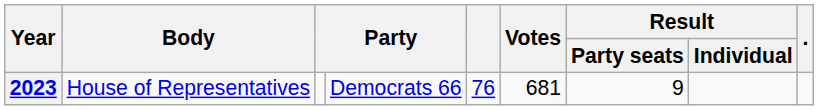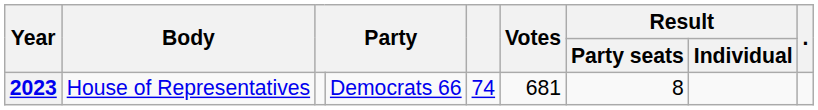 <table class="wikitable plainrowheaders sortable" border=2 cellpadding=4 cellspacing=0 style="border: 1px #aaa solid; font-size: 90%; text-align:center;">
 <tr>
 <th scope="col" rowspan=2>Year</th>
 <th scope="col" rowspan=2>Body</th>
 <th scope="col" colspan=2 rowspan=2>Party</th>
 <th scope="col" rowspan=2></th>
 <th scope="col" rowspan=2>Votes</th>
 <th scope="colgroup" colspan=2>Result</th>
 <th scope="col" rowspan=2 class="unsortable">.</th>
 </tr>
 <tr>
 <th scope="col">Party seats</th>
 <th scope="col">Individual</th>
 </tr>
 <tr>
 <th scope="row"><a href='#'>2023</a></th>
 <td><a href='#'>House of Representatives</a></td>
 <td style="background-color:"></td>
 <td><a href='#'>Democrats 66</a></td>
-<td style=text-align:right><a href='#'>76</a></td>
+<td style=text-align:right><a href='#'>74</a></td>
 <td style=text-align:right>681</td>
-<td style=text-align:right>9</td>
+<td style=text-align:right>8</td>
 <td></td>
 <td></td>
 </tr>
 </table>
